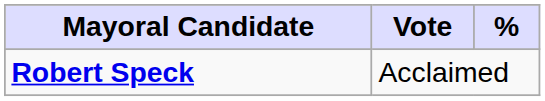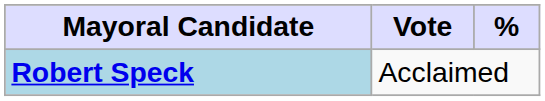 <table class="wikitable">
 <tr>
 <th style="background:#ddf; width:200px;">Mayoral Candidate</th>
 <th style="background:#ddf; width:50px;">Vote</th>
 <th style="background:#ddf; width:30px;">%</th>
 </tr>
 <tr>
-<td><strong><a href='#'>Robert Speck</a></strong></td>
+<td style="background: lightblue;"><strong><a href='#'>Robert Speck</a></strong></td>
 <td colspan="2">Acclaimed</td>
 </tr>
 </table>
